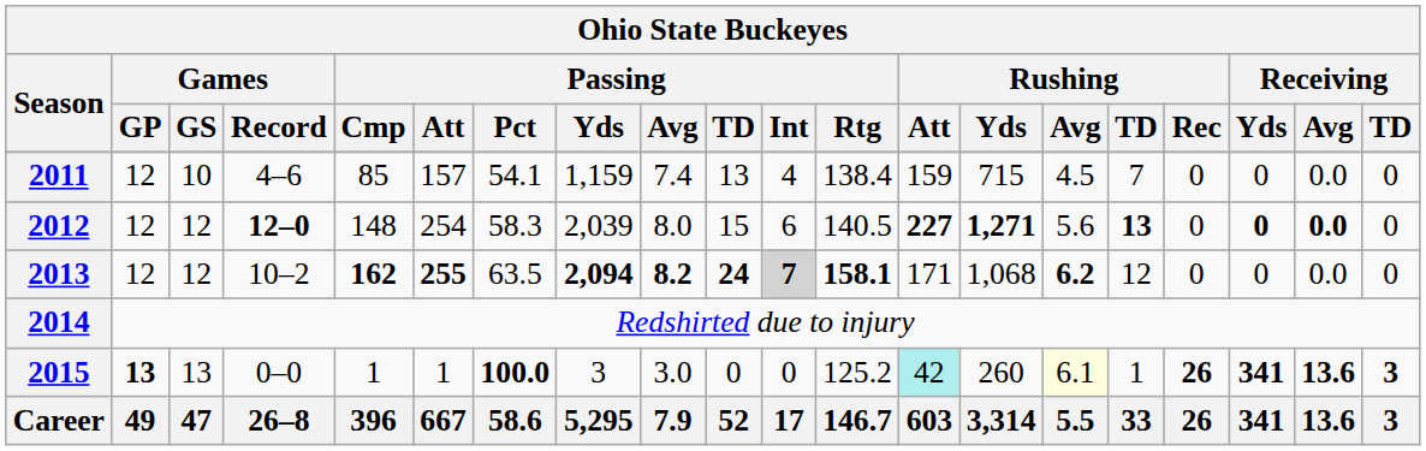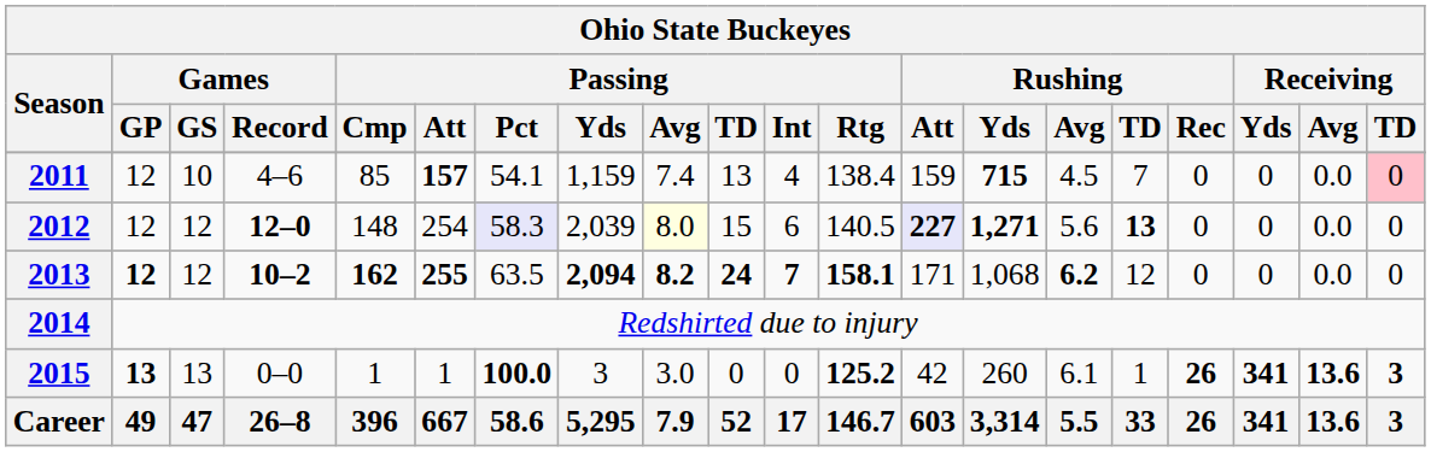 <table class="wikitable" style="text-align:center;">
 <tr>
 <th colspan="20">Ohio State Buckeyes</th>
 </tr>
 <tr>
 <th rowspan="2">Season</th>
 <th colspan="3">Games</th>
 <th colspan="8">Passing</th>
 <th colspan="5">Rushing</th>
 <th colspan="4">Receiving</th>
 </tr>
 <tr>
 <th>GP</th>
 <th>GS</th>
 <th>Record</th>
 <th>Cmp</th>
 <th>Att</th>
 <th>Pct</th>
 <th>Yds</th>
 <th>Avg</th>
 <th>TD</th>
 <th>Int</th>
 <th>Rtg</th>
 <th>Att</th>
 <th>Yds</th>
 <th>Avg</th>
 <th>TD</th>
 <th>Rec</th>
 <th>Yds</th>
 <th>Avg</th>
 <th>TD</th>
 </tr>
 <tr>
 </tr>
 <tr>
 <th><a href='#'>2011</a></th>
 <td>12</td>
 <td>10</td>
 <td>4–6</td>
 <td>85</td>
-<td>157</td>
+<td><strong>157</strong></td>
 <td>54.1</td>
 <td>1,159</td>
 <td>7.4</td>
 <td>13</td>
 <td>4</td>
 <td>138.4</td>
 <td>159</td>
-<td>715</td>
+<td><strong>715</strong></td>
 <td>4.5</td>
 <td>7</td>
 <td>0</td>
 <td>0</td>
 <td>0.0</td>
-<td>0</td>
+<td style="background: pink;">0</td>
 </tr>
 <tr>
 <th><a href='#'>2012</a></th>
 <td>12</td>
 <td>12</td>
 <td><strong>12–0</strong></td>
 <td>148</td>
 <td>254</td>
-<td>58.3</td>
+<td style="background: lavender;">58.3</td>
 <td>2,039</td>
-<td>8.0</td>
+<td style="background: lightyellow;">8.0</td>
 <td>15</td>
 <td>6</td>
 <td>140.5</td>
-<td><strong>227</strong></td>
+<td style="background: lavender;"><strong>227</strong></td>
 <td><strong>1,271</strong></td>
 <td>5.6</td>
 <td><strong>13</strong></td>
 <td>0</td>
-<td><strong>0</strong></td>
-<td><strong>0.0</strong></td>
+<td>0</td>
+<td>0.0</td>
 <td>0</td>
 </tr>
 <tr>
 <th><a href='#'>2013</a></th>
+<td><strong>12</strong></td>
 <td>12</td>
-<td>12</td>
-<td>10–2</td>
+<td><strong>10–2</strong></td>
 <td><strong>162</strong></td>
 <td><strong>255</strong></td>
 <td>63.5</td>
 <td><strong>2,094</strong></td>
 <td><strong>8.2</strong></td>
 <td><strong>24</strong></td>
-<td style="background: lightgrey;"><strong>7</strong></td>
+<td><strong>7</strong></td>
 <td><strong>158.1</strong></td>
 <td>171</td>
 <td>1,068</td>
 <td><strong>6.2</strong></td>
 <td>12</td>
 <td>0</td>
 <td>0</td>
 <td>0.0</td>
 <td>0</td>
 </tr>
 <tr>
 <th><a href='#'>2014</a></th>
 <td colspan="19"> <em><a href='#'>Redshirted</a> due to injury</em></td>
 </tr>
 <tr>
 <th><a href='#'>2015</a></th>
 <td><strong>13</strong></td>
 <td>13</td>
 <td>0–0</td>
 <td>1</td>
 <td>1</td>
 <td><strong>100.0</strong></td>
 <td>3</td>
 <td>3.0</td>
 <td>0</td>
 <td>0</td>
-<td>125.2</td>
-<td style="background: paleturquoise;">42</td>
+<td><strong>125.2</strong></td>
+<td>42</td>
 <td>260</td>
-<td style="background: lightyellow;">6.1</td>
+<td>6.1</td>
 <td>1</td>
 <td><strong>26</strong></td>
 <td><strong>341</strong></td>
 <td><strong>13.6</strong></td>
 <td><strong>3</strong></td>
 </tr>
 <tr>
 <th>Career</th>
 <th>49</th>
 <th>47</th>
 <th>26–8</th>
 <th>396</th>
 <th>667</th>
 <th>58.6</th>
 <th>5,295</th>
 <th>7.9</th>
 <th>52</th>
 <th>17</th>
 <th>146.7</th>
 <th>603</th>
 <th>3,314</th>
 <th>5.5</th>
 <th>33</th>
 <th>26</th>
 <th>341</th>
 <th>13.6</th>
 <th>3</th>
 </tr>
 </table>
